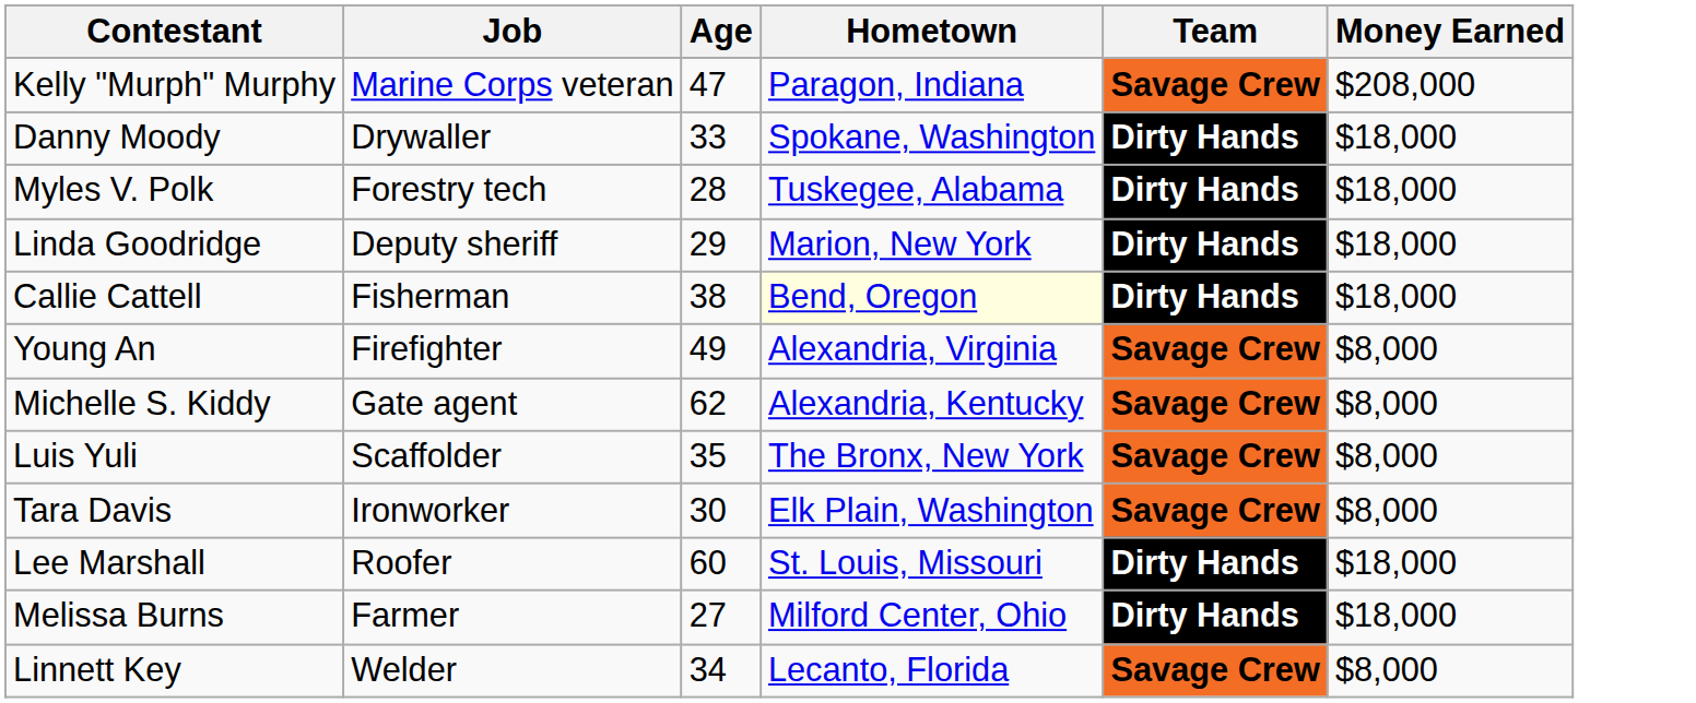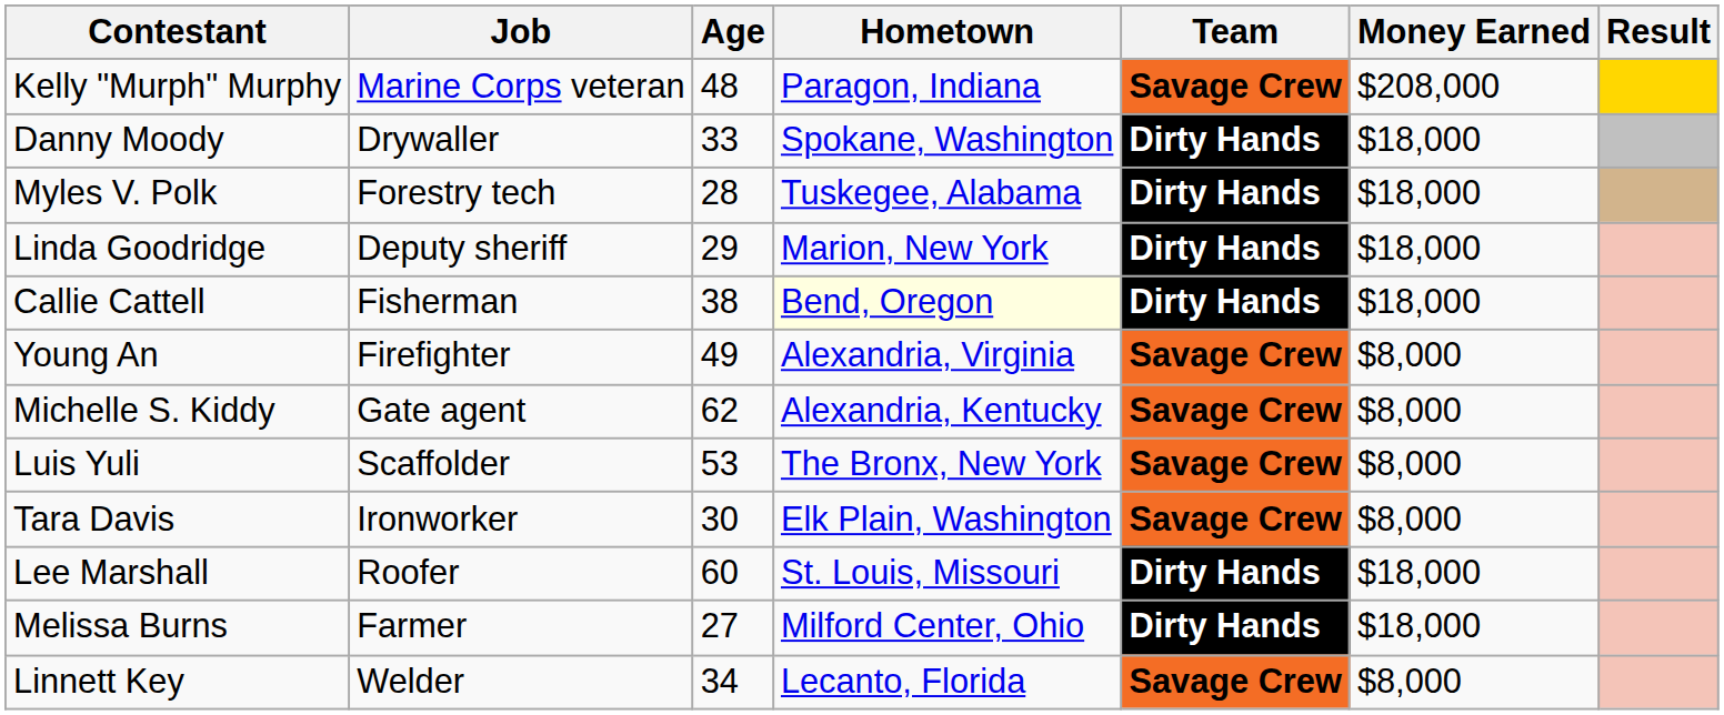 <table class="wikitable sortable">
 <tr>
 <th>Contestant</th>
 <th>Job</th>
 <th>Age</th>
 <th>Hometown</th>
 <th>Team</th>
 <th>Money Earned</th>
+<th>Result</th>
 </tr>
 <tr>
 <td>Kelly "Murph" Murphy</td>
 <td><a href='#'>Marine Corps</a> veteran</td>
-<td>47</td>
+<td>48</td>
 <td><a href='#'>Paragon, Indiana</a></td>
 <td style="background:#F46D25; color:#000000;"><strong>Savage Crew</strong></td>
 <td>$208,000</td>
+<td style="background:gold; text'align:center;"></td>
 </tr>
 <tr>
 <td>Danny Moody</td>
 <td>Drywaller</td>
 <td>33</td>
 <td><a href='#'>Spokane, Washington</a></td>
 <td style="background:#000000; color:#fff;"><strong>Dirty Hands</strong></td>
 <td>$18,000</td>
+<td style="background:silver; text'align:center;"></td>
 </tr>
 <tr>
 <td>Myles V. Polk</td>
 <td>Forestry tech</td>
 <td>28</td>
 <td><a href='#'>Tuskegee, Alabama</a></td>
 <td style="background:#000000; color:#fff;"><strong>Dirty Hands</strong></td>
 <td>$18,000</td>
+<td style="background:tan; text'align:center;"></td>
 </tr>
 <tr>
 <td>Linda Goodridge</td>
 <td>Deputy sheriff</td>
 <td>29</td>
 <td><a href='#'>Marion, New York</a></td>
 <td style="background:#000000; color:#fff;"><strong>Dirty Hands</strong></td>
 <td>$18,000</td>
+<td style="background:#f4c4b8; text'align:center;"></td>
 </tr>
 <tr>
 <td>Callie Cattell</td>
 <td>Fisherman</td>
 <td>38</td>
 <td style="background: lightyellow;"><a href='#'>Bend, Oregon</a></td>
 <td style="background:#000000; color:#fff;"><strong>Dirty Hands</strong></td>
 <td>$18,000</td>
+<td style="background:#f4c4b8; text'align:center;"></td>
 </tr>
 <tr>
 <td>Young An</td>
 <td>Firefighter</td>
 <td>49</td>
 <td><a href='#'>Alexandria, Virginia</a></td>
 <td style="background:#F46D25; color:#000000;"><strong>Savage Crew</strong></td>
 <td>$8,000</td>
+<td style="background:#f4c4b8; text'align:center;"></td>
 </tr>
 <tr>
 <td>Michelle S. Kiddy</td>
 <td>Gate agent</td>
 <td>62</td>
 <td><a href='#'>Alexandria, Kentucky</a></td>
 <td style="background:#F46D25; color:#000000;"><strong>Savage Crew</strong></td>
 <td>$8,000</td>
+<td style="background:#f4c4b8; text'align:center;"></td>
 </tr>
 <tr>
 <td>Luis Yuli</td>
 <td>Scaffolder</td>
-<td>35</td>
+<td>53</td>
 <td><a href='#'>The Bronx, New York</a></td>
 <td style="background:#F46D25; color:#000000;"><strong>Savage Crew</strong></td>
 <td>$8,000</td>
+<td style="background:#f4c4b8; text'align:center;"></td>
 </tr>
 <tr>
 <td>Tara Davis</td>
 <td>Ironworker</td>
 <td>30</td>
 <td><a href='#'>Elk Plain, Washington</a></td>
 <td style="background:#F46D25; color:#000000;"><strong>Savage Crew</strong></td>
 <td>$8,000</td>
+<td style="background:#f4c4b8; text'align:center;"></td>
 </tr>
 <tr>
 <td>Lee Marshall</td>
 <td>Roofer</td>
 <td>60</td>
 <td><a href='#'>St. Louis, Missouri</a></td>
 <td style="background:#000000; color:#fff;"><strong>Dirty Hands</strong></td>
 <td>$18,000</td>
+<td style="background:#f4c4b8; text'align:center;"></td>
 </tr>
 <tr>
 <td>Melissa Burns</td>
 <td>Farmer</td>
 <td>27</td>
 <td><a href='#'>Milford Center, Ohio</a></td>
 <td style="background:#000000; color:#fff;"><strong>Dirty Hands</strong></td>
 <td>$18,000</td>
+<td style="background:#f4c4b8; text'align:center;"></td>
 </tr>
 <tr>
 <td>Linnett Key</td>
 <td>Welder</td>
 <td>34</td>
 <td><a href='#'>Lecanto, Florida</a></td>
 <td style="background:#F46D25; color:#000000;"><strong>Savage Crew</strong></td>
 <td>$8,000</td>
+<td style="background:#f4c4b8; text'align:center;"></td>
 </tr>
 </table>
